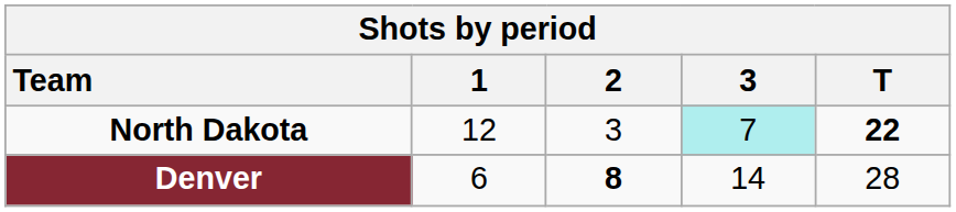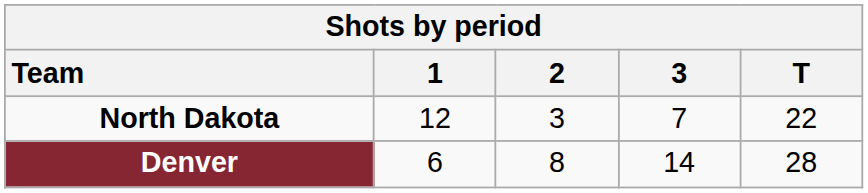 <table class="wikitable" style="width:30em; text-align:right;">
 <tr>
 <th colspan=6>Shots by period</th>
 </tr>
 <tr>
 <th style="width:10em; text-align:left;">Team</th>
 <th style="width:3em;">1</th>
 <th style="width:3em;">2</th>
 <th style="width:3em;">3</th>
 <th style="width:3em;">T</th>
 </tr>
 <tr>
 <td align=center><strong>North Dakota</strong></td>
 <td align=center>12</td>
 <td align=center>3</td>
-<td align=center style="background: paleturquoise;">7</td>
-<td align=center><strong>22</strong></td>
+<td align=center>7</td>
+<td align=center>22</td>
 </tr>
 <tr>
 <td align=center style="color:white; background:#862633; "><strong>Denver</strong></td>
 <td align=center>6</td>
-<td align=center><strong>8</strong></td>
+<td align=center>8</td>
 <td align=center>14</td>
 <td align=center>28</td>
 </tr>
 </table>
